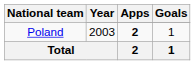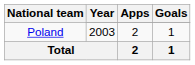 <table class="wikitable" style="text-align:center">
 <tr>
 <th>National team</th>
 <th>Year</th>
 <th>Apps</th>
 <th>Goals</th>
 </tr>
 <tr>
 <td rowspan=2><a href='#'>Poland</a></td>
 </tr>
 <tr>
 <td>2003</td>
-<td><strong>2</strong></td>
+<td>2</td>
 <td>1</td>
 </tr>
 <tr>
 <th colspan="2">Total</th>
 <th>2</th>
 <th>1</th>
 </tr>
 </table>
